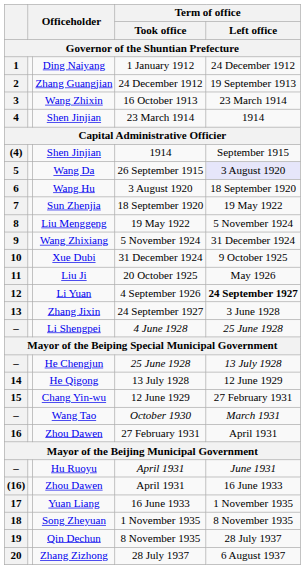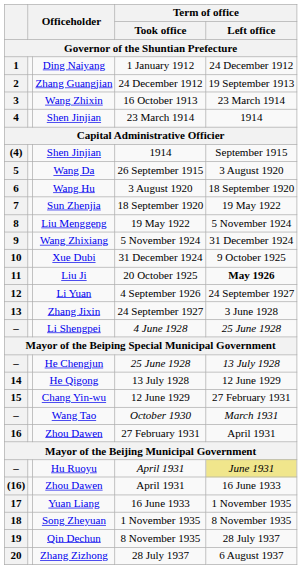 <table class="wikitable" style="text-align:center">
 <tr>
 <th rowspan="2"></th>
 <th colspan="2" rowspan="2">Officeholder</th>
 <th colspan="2">Term of office</th>
 </tr>
 <tr>
 <th>Took office</th>
 <th>Left office</th>
 </tr>
 <tr>
 <th colspan="5">Governor of the Shuntian Prefecture</th>
 </tr>
 <tr>
 <th>1</th>
 <td></td>
 <td><a href='#'>Ding Naiyang</a><br></td>
 <td>1 January 1912</td>
 <td>24 December 1912</td>
 </tr>
 <tr>
 <th>2</th>
 <td></td>
 <td><a href='#'>Zhang Guangjian</a><br></td>
 <td>24 December 1912</td>
 <td>19 September 1913</td>
 </tr>
 <tr>
 <th>3</th>
 <td></td>
 <td><a href='#'>Wang Zhixin</a><br></td>
 <td>16 October 1913</td>
 <td>23 March 1914</td>
 </tr>
 <tr>
 <th>4</th>
 <td></td>
 <td><a href='#'>Shen Jinjian</a><br></td>
 <td>23 March 1914</td>
 <td>1914</td>
 </tr>
 <tr>
 <th colspan="5">Capital Administrative Officier</th>
 </tr>
 <tr>
 <th>(4)</th>
 <td></td>
 <td><a href='#'>Shen Jinjian</a><br></td>
 <td>1914</td>
 <td>September 1915</td>
 </tr>
 <tr>
 <th>5</th>
 <td></td>
 <td><a href='#'>Wang Da</a><br></td>
 <td>26 September 1915</td>
-<td style="background: lavender;">3 August 1920</td>
+<td>3 August 1920</td>
 </tr>
 <tr>
 <th>6</th>
 <td></td>
 <td><a href='#'>Wang Hu</a><br></td>
 <td>3 August 1920</td>
 <td>18 September 1920</td>
 </tr>
 <tr>
 <th>7</th>
 <td></td>
 <td><a href='#'>Sun Zhenjia</a><br></td>
 <td>18 September 1920</td>
 <td>19 May 1922</td>
 </tr>
 <tr>
 <th>8</th>
 <td></td>
 <td><a href='#'>Liu Menggeng</a><br></td>
 <td>19 May 1922</td>
 <td>5 November 1924</td>
 </tr>
 <tr>
 <th>9</th>
 <td></td>
 <td><a href='#'>Wang Zhixiang</a><br></td>
 <td>5 November 1924</td>
 <td>31 December 1924</td>
 </tr>
 <tr>
 <th>10</th>
 <td></td>
 <td><a href='#'>Xue Dubi</a><br></td>
 <td>31 December 1924</td>
 <td>9 October 1925</td>
 </tr>
 <tr>
 <th>11</th>
 <td></td>
 <td><a href='#'>Liu Ji</a><br></td>
 <td>20 October 1925</td>
-<td>May 1926</td>
+<td><strong>May 1926</strong></td>
 </tr>
 <tr>
 <th>12</th>
 <td></td>
 <td><a href='#'>Li Yuan</a><br></td>
 <td>4 September 1926</td>
-<td><strong>24 September 1927</strong></td>
+<td>24 September 1927</td>
 </tr>
 <tr>
 <th>13</th>
 <td></td>
 <td><a href='#'>Zhang Jixin</a><br></td>
 <td>24 September 1927</td>
 <td>3 June 1928</td>
 </tr>
 <tr>
 <th>–</th>
 <td></td>
 <td><a href='#'>Li Shengpei</a><br></td>
 <td><em>4 June 1928</em></td>
 <td><em>25 June 1928</em></td>
 </tr>
 <tr>
 <th colspan="5">Mayor of the Beiping Special Municipal Government</th>
 </tr>
 <tr>
 <th>–</th>
 <td></td>
 <td><a href='#'>He Chengjun</a><br></td>
 <td><em>25 June 1928</em></td>
 <td><em>13 July 1928</em></td>
 </tr>
 <tr>
 <th>14</th>
 <td></td>
 <td><a href='#'>He Qigong</a><br></td>
 <td>13 July 1928</td>
 <td>12 June 1929</td>
 </tr>
 <tr>
 <th>15</th>
 <td></td>
 <td><a href='#'>Chang Yin-wu</a><br></td>
 <td>12 June 1929</td>
 <td>27 February 1931</td>
 </tr>
 <tr>
 <th>–</th>
 <td></td>
 <td><a href='#'>Wang Tao</a><br></td>
 <td><em>October 1930</em></td>
 <td><em>March 1931</em></td>
 </tr>
 <tr>
 <th>16</th>
 <td></td>
 <td><a href='#'>Zhou Dawen</a><br></td>
 <td>27 February 1931</td>
 <td>April 1931</td>
 </tr>
 <tr>
 <th colspan="5">Mayor of the Beijing Municipal Government</th>
 </tr>
 <tr>
 <th>–</th>
 <td></td>
 <td><a href='#'>Hu Ruoyu</a><br></td>
 <td><em>April 1931</em></td>
-<td><em>June 1931</em></td>
+<td style="background: khaki;"><em>June 1931</em></td>
 </tr>
 <tr>
 <th>(16)</th>
 <td></td>
 <td><a href='#'>Zhou Dawen</a><br></td>
 <td>April 1931</td>
 <td>16 June 1933</td>
 </tr>
 <tr>
 <th>17</th>
 <td></td>
 <td><a href='#'>Yuan Liang</a><br></td>
 <td>16 June 1933</td>
 <td>1 November 1935</td>
 </tr>
 <tr>
 <th>18</th>
 <td></td>
 <td><a href='#'>Song Zheyuan</a><br></td>
 <td>1 November 1935</td>
 <td>8 November 1935</td>
 </tr>
 <tr>
 <th>19</th>
 <td></td>
 <td><a href='#'>Qin Dechun</a><br></td>
 <td>8 November 1935</td>
 <td>28 July 1937</td>
 </tr>
 <tr>
 <th>20</th>
 <td></td>
 <td><a href='#'>Zhang Zizhong</a><br></td>
 <td>28 July 1937</td>
 <td>6 August 1937</td>
 </tr>
 </table>
